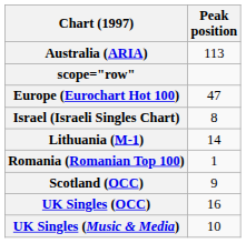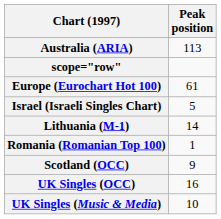 <table class="wikitable sortable plainrowheaders" style="text-align:center">
 <tr>
 <th scope="col">Chart (1997)</th>
 <th scope="col">Peak<br>position</th>
 </tr>
 <tr>
 <th scope="row">Australia (<a href='#'>ARIA</a>)</th>
 <td>113</td>
 </tr>
 <tr>
 <th>scope="row"</th>
 </tr>
 <tr>
 <th scope="row">Europe (<a href='#'>Eurochart Hot 100</a>)</th>
-<td>47</td>
+<td>61</td>
 </tr>
 <tr>
 <th scope="row">Israel (Israeli Singles Chart)</th>
-<td>8</td>
+<td>5</td>
 </tr>
 <tr>
 <th scope="row">Lithuania (<a href='#'>M-1</a>)</th>
 <td>14</td>
 </tr>
 <tr>
 <th scope="row">Romania (<a href='#'>Romanian Top 100</a>)</th>
 <td>1</td>
 </tr>
 <tr>
 <th scope="row">Scotland (<a href='#'>OCC</a>)</th>
 <td>9</td>
 </tr>
 <tr>
 <th scope="row"><a href='#'>UK Singles</a> (<a href='#'>OCC</a>)</th>
 <td>16</td>
 </tr>
 <tr>
 <th scope="row"><a href='#'>UK Singles</a> (<em><a href='#'>Music & Media</a></em>)</th>
 <td>10</td>
 </tr>
 </table>
